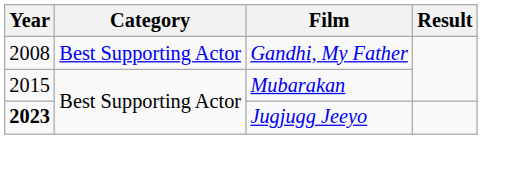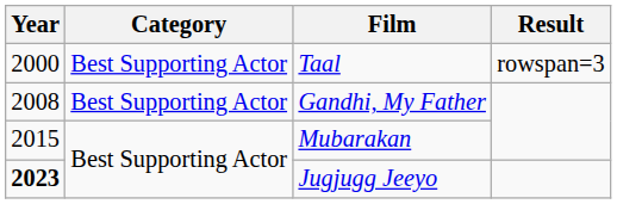 <table class="wikitable sortable">
 <tr>
 <th>Year</th>
 <th>Category</th>
 <th>Film</th>
 <th>Result</th>
+</tr>
+<tr>
+<td>2000</td>
+<td><a href='#'>Best Supporting Actor</a></td>
+<td><em><a href='#'>Taal</a></em></td>
+<td>rowspan=3 </td>
 </tr>
 <tr>
 <td>2008</td>
 <td><a href='#'>Best Supporting Actor</a></td>
 <td><em><a href='#'>Gandhi, My Father</a></em></td>
 </tr>
 <tr>
 <td>2015</td>
 <td rowspan="2">Best Supporting Actor</td>
 <td><em><a href='#'>Mubarakan</a></em></td>
 </tr>
 <tr>
 <td><strong>2023</strong></td>
 <td><em><a href='#'>Jugjugg Jeeyo</a></em></td>
 <td></td>
 </tr>
 </table>
